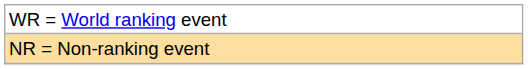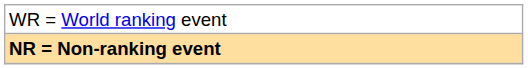 <table class="wikitable" style="font-size:85%;" width=30%>
 <tr bgcolor="#ffffff">
 <td>WR = <a href='#'>World ranking</a> event</td>
 </tr>
 <tr style="background:#ffdf9f;">
-<td>NR = Non-ranking event</td>
+<td><strong>NR = Non-ranking event</strong></td>
 </tr>
 <tr>
 </tr>
 </table>
